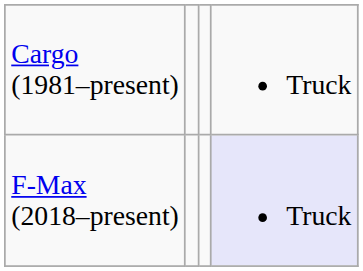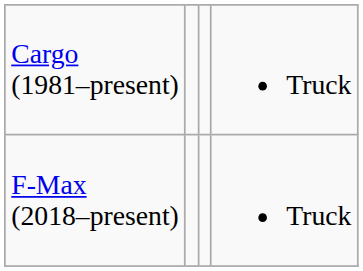 <table class="wikitable">
 <tr>
 <td><a href='#'>Cargo</a><br>(1981–present)</td>
 <td></td>
 <td></td>
 <td><br><ul><li>Truck</li></ul></td>
 </tr>
 <tr>
 <td><a href='#'>F-Max</a><br>(2018–present)</td>
 <td></td>
 <td></td>
-<td style="background: lavender;"><br><ul><li>Truck</li></ul></td>
+<td><br><ul><li>Truck</li></ul></td>
 </tr>
 </table>
